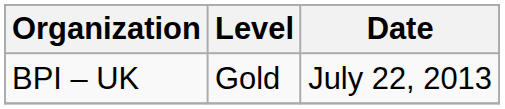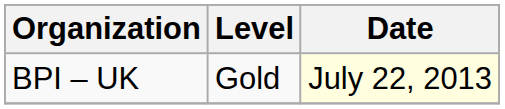 <table class="wikitable">
 <tr>
 <th align="left">Organization</th>
 <th align="left">Level</th>
 <th align="left">Date</th>
 </tr>
 <tr>
 <td align="left">BPI – UK</td>
 <td align="left">Gold</td>
-<td align="left">July 22, 2013</td>
+<td align="left" style="background: lightyellow;">July 22, 2013</td>
 </tr>
 <tr>
 </tr>
 </table>
